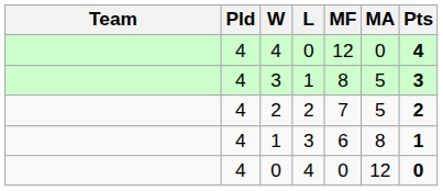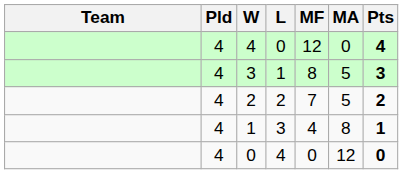 <table class=wikitable style="text-align:center">
 <tr>
 <th width=175>Team</th>
 <th width=20>Pld</th>
 <th width=20>W</th>
 <th width=20>L</th>
 <th width=20>MF</th>
 <th width=20>MA</th>
 <th width=20>Pts</th>
 </tr>
 <tr bgcolor=ccffcc>
 <td style="text-align:left"></td>
 <td>4</td>
 <td>4</td>
 <td>0</td>
 <td>12</td>
 <td>0</td>
 <td><strong>4</strong></td>
 </tr>
 <tr bgcolor=ccffcc>
 <td style="text-align:left"></td>
 <td>4</td>
 <td>3</td>
 <td>1</td>
 <td>8</td>
 <td>5</td>
 <td><strong>3</strong></td>
 </tr>
 <tr>
 <td style="text-align:left"></td>
 <td>4</td>
 <td>2</td>
 <td>2</td>
 <td>7</td>
 <td>5</td>
 <td><strong>2</strong></td>
 </tr>
 <tr>
 <td style="text-align:left"></td>
 <td>4</td>
 <td>1</td>
 <td>3</td>
-<td>6</td>
+<td>4</td>
 <td>8</td>
 <td><strong>1</strong></td>
 </tr>
 <tr>
 <td style="text-align:left"></td>
 <td>4</td>
 <td>0</td>
 <td>4</td>
 <td>0</td>
 <td>12</td>
 <td><strong>0</strong></td>
 </tr>
 </table>
